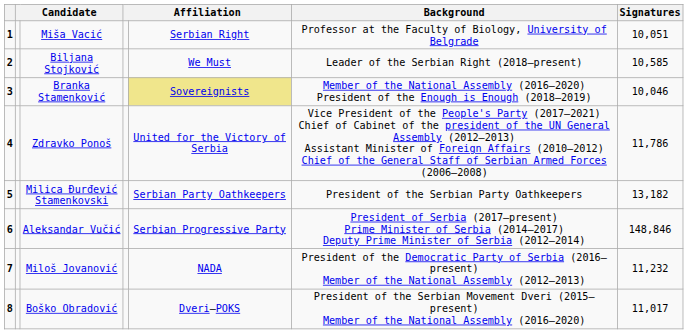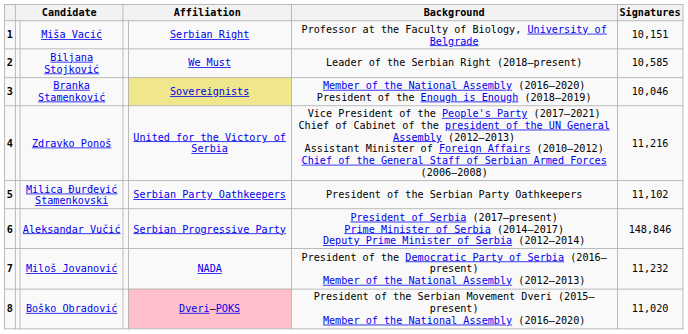 <table class="wikitable" style="text-align:center">
 <tr>
 <th></th>
 <th colspan="2">Candidate</th>
 <th colspan="2">Affiliation</th>
 <th>Background</th>
 <th>Signatures</th>
 </tr>
 <tr>
 <td><strong>1</strong></td>
 <td></td>
 <td><a href='#'>Miša Vacić</a></td>
 <td style="background:"></td>
 <td><a href='#'>Serbian Right</a></td>
 <td>Professor at the Faculty of Biology, <a href='#'>University of Belgrade</a></td>
-<td>10,051</td>
+<td>10,151</td>
 </tr>
 <tr>
 <td><strong>2</strong></td>
 <td></td>
 <td><a href='#'>Biljana Stojković</a></td>
 <td style="background:"></td>
 <td><a href='#'>We Must</a></td>
 <td>Leader of the Serbian Right (2018–present)</td>
 <td>10,585</td>
 </tr>
 <tr>
 <td><strong>3</strong></td>
 <td></td>
 <td><a href='#'>Branka Stamenković</a></td>
 <td style="background:"></td>
 <td style="background: khaki;"><a href='#'>Sovereignists</a></td>
 <td><a href='#'>Member of the National Assembly</a> (2016–2020)<br>President of the <a href='#'>Enough is Enough</a> (2018–2019)</td>
 <td>10,046</td>
 </tr>
 <tr>
 <td><strong>4</strong></td>
 <td></td>
 <td><a href='#'>Zdravko Ponoš</a></td>
 <td style="background:"></td>
 <td><a href='#'>United for the Victory of Serbia</a></td>
 <td>Vice President of the <a href='#'>People's Party</a> (2017–2021)<br>Chief of Cabinet of the <a href='#'>president of the UN General Assembly</a> (2012–2013)<br>Assistant Minister of <a href='#'>Foreign Affairs</a> (2010–2012)<br><a href='#'>Chief of the General Staff of Serbian Armed Forces</a> (2006–2008)</td>
-<td>11,786</td>
+<td>11,216</td>
 </tr>
 <tr>
 <td><strong>5</strong></td>
 <td></td>
 <td><a href='#'>Milica Đurđević<br>Stamenkovski</a></td>
 <td style="background:"></td>
 <td><a href='#'>Serbian Party Oathkeepers</a></td>
 <td>President of the Serbian Party Oathkeepers</td>
-<td>13,182</td>
+<td>11,102</td>
 </tr>
 <tr>
 <td><strong>6</strong></td>
 <td></td>
 <td><a href='#'>Aleksandar Vučić</a></td>
 <td style="background:"></td>
 <td><a href='#'>Serbian Progressive Party</a></td>
 <td><a href='#'>President of Serbia</a> (2017–present)<br><a href='#'>Prime Minister of Serbia</a> (2014–2017)<br><a href='#'>Deputy Prime Minister of Serbia</a> (2012–2014)</td>
 <td>148,846</td>
 </tr>
 <tr>
 <td><strong>7</strong></td>
 <td></td>
 <td><a href='#'>Miloš Jovanović</a></td>
 <td style="background:"></td>
 <td><a href='#'>NADA</a></td>
 <td>President of the <a href='#'>Democratic Party of Serbia</a> (2016–present)<br><a href='#'>Member of the National Assembly</a> (2012–2013)</td>
 <td>11,232</td>
 </tr>
 <tr>
 <td><strong>8</strong></td>
 <td></td>
 <td><a href='#'>Boško Obradović</a></td>
 <td style="background:"></td>
-<td><a href='#'>Dveri</a>–<a href='#'>POKS</a></td>
+<td style="background: pink;"><a href='#'>Dveri</a>–<a href='#'>POKS</a></td>
 <td>President of the Serbian Movement Dveri (2015–present)<br><a href='#'>Member of the National Assembly</a> (2016–2020)</td>
-<td>11,017</td>
+<td>11,020</td>
 </tr>
 </table>
